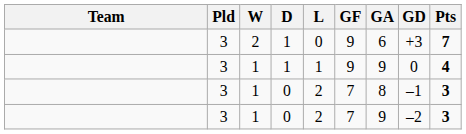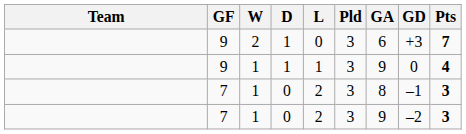 <table class=wikitable style="text-align:center">
 <tr>
 <th width=200>Team</th>
-<th width=25>Pld</th>
+<th width=25>GF</th>
 <th width=25>W</th>
 <th width=25>D</th>
 <th width=25>L</th>
-<th width=25>GF</th>
+<th width=25>Pld</th>
 <th width=25>GA</th>
 <th width=25>GD</th>
 <th width=25>Pts</th>
 </tr>
 <tr>
 <td align=left></td>
-<td>3</td>
+<td>9</td>
 <td>2</td>
 <td>1</td>
 <td>0</td>
-<td>9</td>
+<td>3</td>
 <td>6</td>
 <td>+3</td>
 <td><strong>7</strong></td>
 </tr>
 <tr>
 <td align=left></td>
-<td>3</td>
+<td>9</td>
 <td>1</td>
 <td>1</td>
 <td>1</td>
-<td>9</td>
+<td>3</td>
 <td>9</td>
 <td>0</td>
 <td><strong>4</strong></td>
 </tr>
 <tr>
 <td align=left></td>
-<td>3</td>
+<td>7</td>
 <td>1</td>
 <td>0</td>
 <td>2</td>
-<td>7</td>
+<td>3</td>
 <td>8</td>
 <td>–1</td>
 <td><strong>3</strong></td>
 </tr>
 <tr>
 <td align=left></td>
-<td>3</td>
+<td>7</td>
 <td>1</td>
 <td>0</td>
 <td>2</td>
-<td>7</td>
+<td>3</td>
 <td>9</td>
 <td>–2</td>
 <td><strong>3</strong></td>
 </tr>
 </table>
